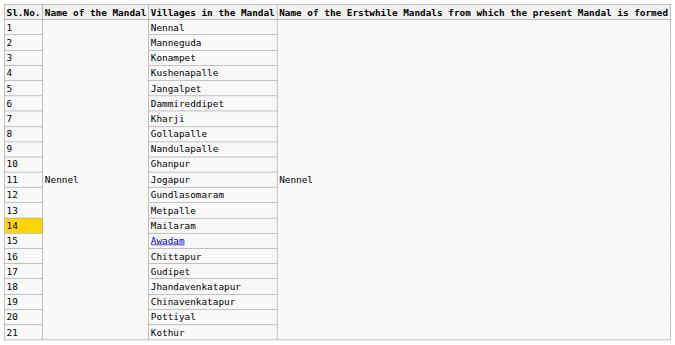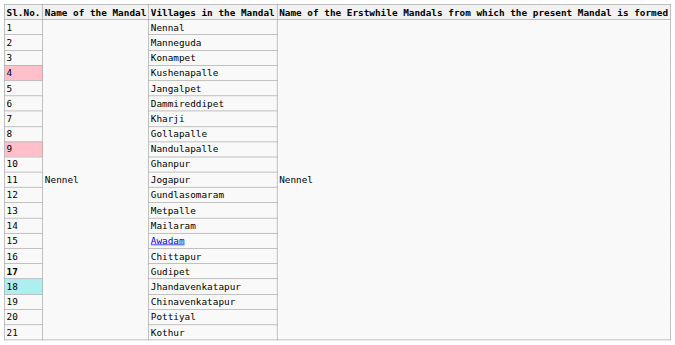 <table class="wikitable">
 <tr>
 <th>Sl.No.</th>
 <th>Name of the Mandal</th>
 <th>Villages in the Mandal</th>
 <th>Name of the Erstwhile Mandals from which the present Mandal is formed</th>
 </tr>
 <tr>
 <td>1</td>
 <td rowspan="21">Nennel</td>
 <td>Nennal</td>
 <td rowspan="21">Nennel</td>
 </tr>
 <tr>
 <td>2</td>
 <td>Manneguda</td>
 </tr>
 <tr>
 <td>3</td>
 <td>Konampet</td>
 </tr>
 <tr>
-<td>4</td>
+<td style="background: pink;">4</td>
 <td>Kushenapalle</td>
 </tr>
 <tr>
 <td>5</td>
 <td>Jangalpet</td>
 </tr>
 <tr>
 <td>6</td>
 <td>Dammireddipet</td>
 </tr>
 <tr>
 <td>7</td>
 <td>Kharji</td>
 </tr>
 <tr>
 <td>8</td>
 <td>Gollapalle</td>
 </tr>
 <tr>
-<td>9</td>
+<td style="background: pink;">9</td>
 <td>Nandulapalle</td>
 </tr>
 <tr>
 <td>10</td>
 <td>Ghanpur</td>
 </tr>
 <tr>
 <td>11</td>
 <td>Jogapur</td>
 </tr>
 <tr>
 <td>12</td>
 <td>Gundlasomaram</td>
 </tr>
 <tr>
 <td>13</td>
 <td>Metpalle</td>
 </tr>
 <tr>
-<td style="background: gold;">14</td>
+<td>14</td>
 <td>Mailaram</td>
 </tr>
 <tr>
 <td>15</td>
 <td><a href='#'>Awadam</a></td>
 </tr>
 <tr>
 <td>16</td>
 <td>Chittapur</td>
 </tr>
 <tr>
-<td>17</td>
+<td><strong>17</strong></td>
 <td>Gudipet</td>
 </tr>
 <tr>
-<td>18</td>
+<td style="background: paleturquoise;">18</td>
 <td>Jhandavenkatapur</td>
 </tr>
 <tr>
 <td>19</td>
 <td>Chinavenkatapur</td>
 </tr>
 <tr>
 <td>20</td>
 <td>Pottiyal</td>
 </tr>
 <tr>
 <td>21</td>
 <td>Kothur</td>
 </tr>
 </table>
